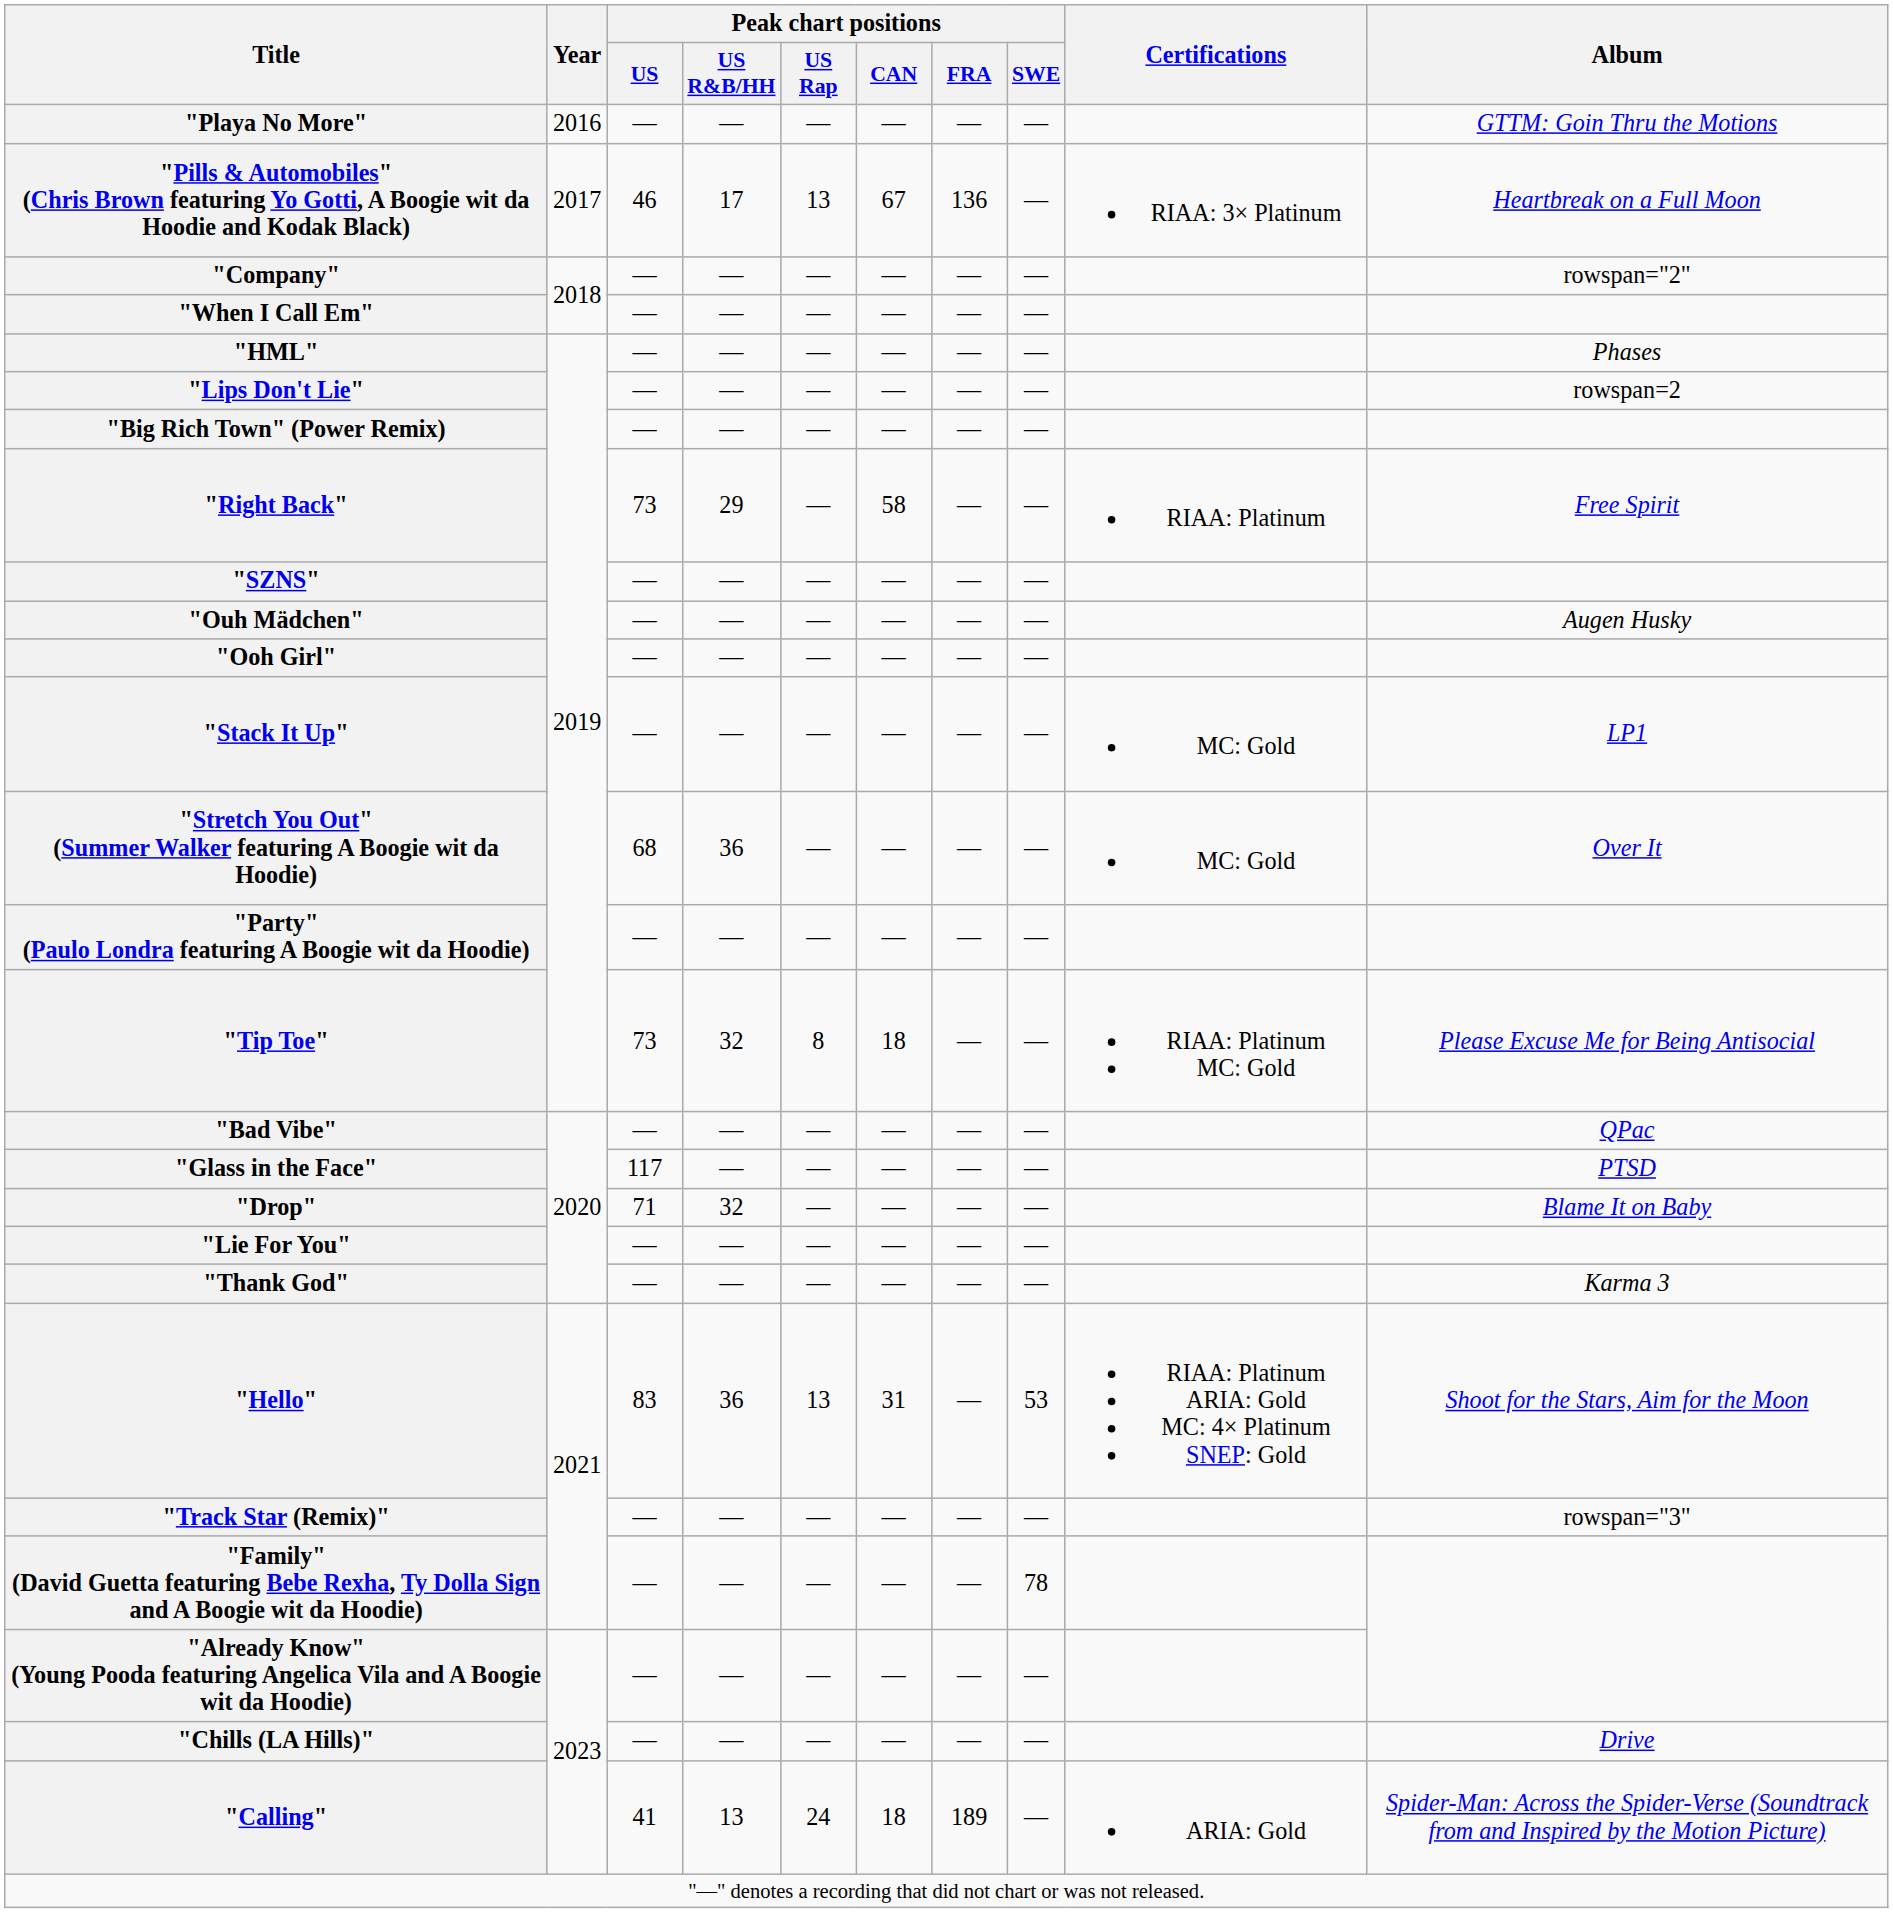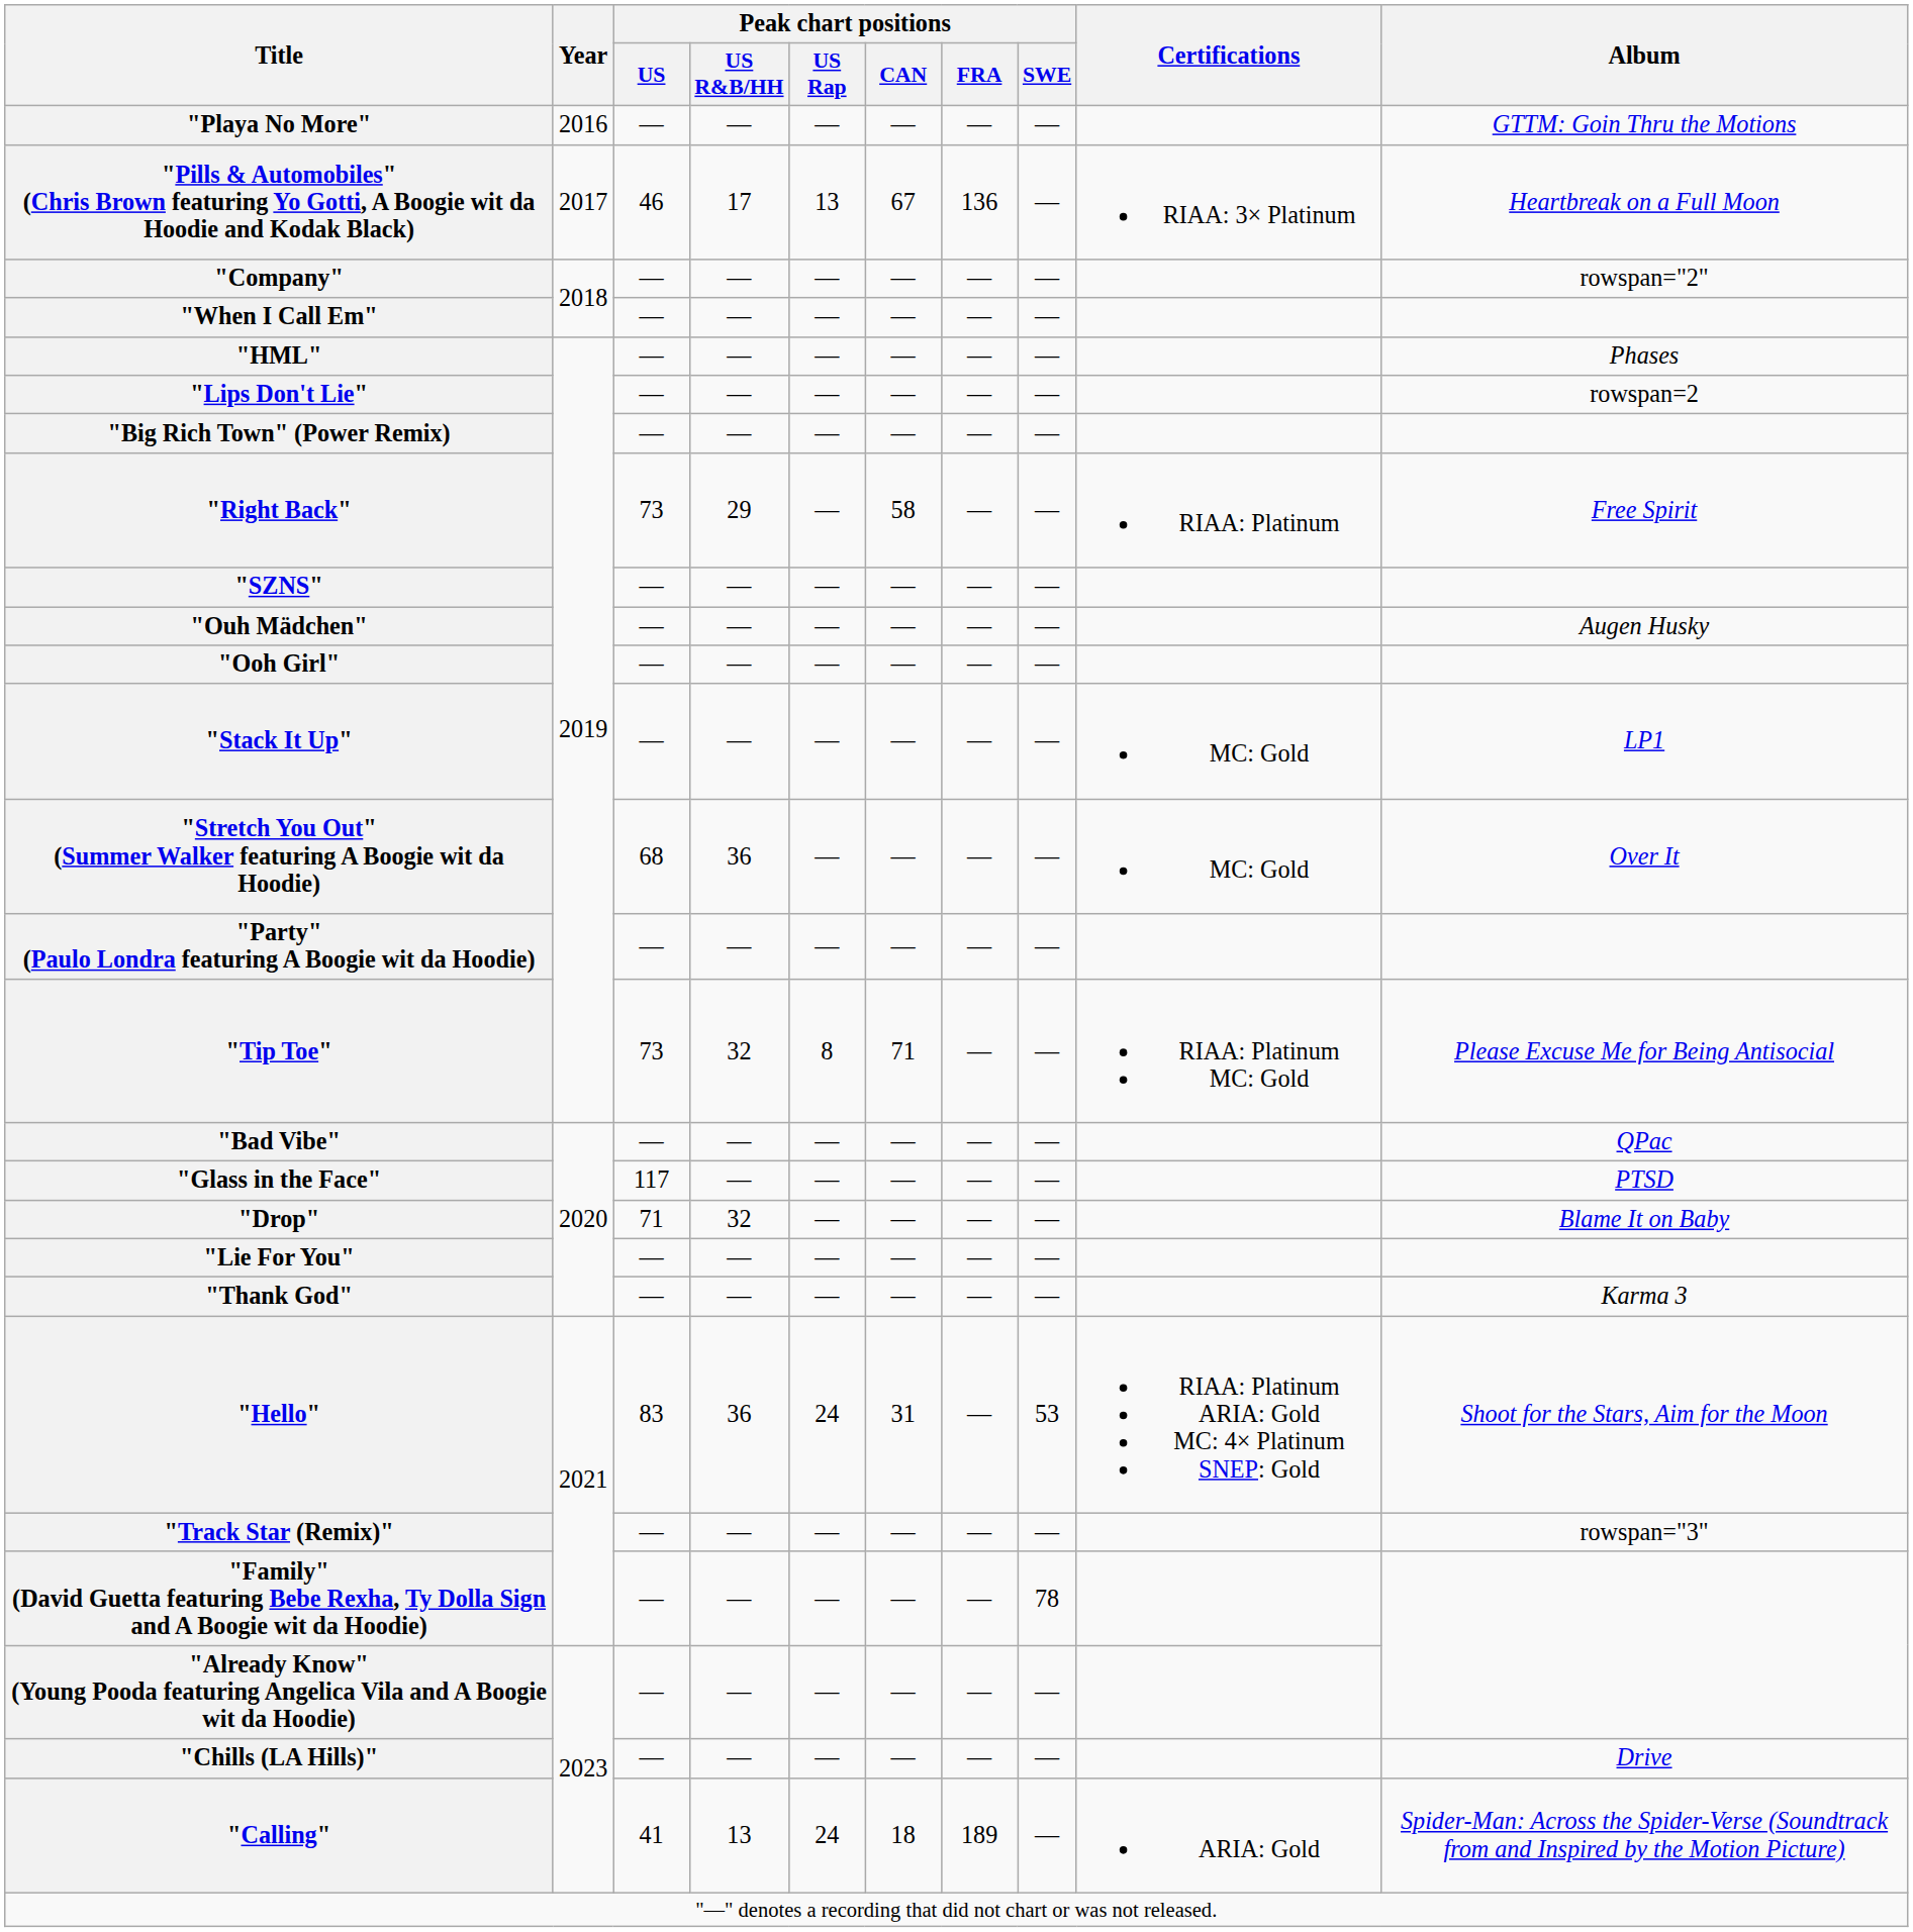 <table class="wikitable plainrowheaders" style="text-align:center;">
 <tr>
 <th scope="col" rowspan="2" style="width:22em;">Title</th>
 <th scope="col" rowspan="2">Year</th>
 <th colspan="6" scope="col">Peak chart positions</th>
 <th scope="col" rowspan="2" style="width:12em;"><a href='#'>Certifications</a></th>
 <th scope="col" rowspan="2">Album</th>
 </tr>
 <tr>
 <th scope="col" style="width:3em;font-size:90%;"><a href='#'>US</a><br></th>
 <th scope="col" style="width:3em;font-size:90%;"><a href='#'>US R&B/HH</a><br></th>
 <th scope="col" style="width:3em;font-size:90%;"><a href='#'>US Rap</a><br></th>
 <th scope="col" style="width:3em;font-size:90%;"><a href='#'>CAN</a><br></th>
 <th scope="col" style="width:3em;font-size:90%;"><a href='#'>FRA</a><br></th>
 <th scope="col" style="width:2em;font-size:90%"><a href='#'>SWE</a><br></th>
 </tr>
 <tr>
 <th scope="row">"Playa No More"<br></th>
 <td>2016</td>
 <td>—</td>
 <td>—</td>
 <td>—</td>
 <td>—</td>
 <td>—</td>
 <td>—</td>
 <td></td>
 <td><em><a href='#'>GTTM: Goin Thru the Motions</a></em></td>
 </tr>
 <tr>
 <th scope="row">"<a href='#'>Pills & Automobiles</a>"<br><span>(<a href='#'>Chris Brown</a> featuring <a href='#'>Yo Gotti</a>, A Boogie wit da Hoodie and Kodak Black)</span></th>
 <td>2017</td>
 <td>46</td>
 <td>17</td>
 <td>13</td>
 <td>67</td>
 <td>136</td>
 <td>—</td>
 <td><br><ul><li>RIAA: 3× Platinum</li></ul></td>
 <td><em><a href='#'>Heartbreak on a Full Moon</a></em></td>
 </tr>
 <tr>
 <th scope="row">"Company"<br></th>
 <td rowspan="2">2018</td>
 <td>—</td>
 <td>—</td>
 <td>—</td>
 <td>—</td>
 <td>—</td>
 <td>—</td>
 <td></td>
 <td>rowspan="2" </td>
 </tr>
 <tr>
 <th scope="row">"When I Call Em"<br></th>
 <td>—</td>
 <td>—</td>
 <td>—</td>
 <td>—</td>
 <td>—</td>
 <td>—</td>
 <td></td>
 </tr>
 <tr>
 <th scope="row">"HML"<br></th>
 <td rowspan="11">2019</td>
 <td>—</td>
 <td>—</td>
 <td>—</td>
 <td>—</td>
 <td>—</td>
 <td>—</td>
 <td></td>
 <td><em>Phases</em></td>
 </tr>
 <tr>
 <th scope="row">"<a href='#'>Lips Don't Lie</a>"<br></th>
 <td>—</td>
 <td>—</td>
 <td>—</td>
 <td>—</td>
 <td>—</td>
 <td>—</td>
 <td></td>
 <td>rowspan=2 </td>
 </tr>
 <tr>
 <th scope="row">"Big Rich Town" (Power Remix)<br></th>
 <td>—</td>
 <td>—</td>
 <td>—</td>
 <td>—</td>
 <td>—</td>
 <td>—</td>
 <td></td>
 </tr>
 <tr>
 <th scope="row">"<a href='#'>Right Back</a>"<br></th>
 <td>73</td>
 <td>29</td>
 <td>—</td>
 <td>58</td>
 <td>—</td>
 <td>—</td>
 <td><br><ul><li>RIAA: Platinum</li></ul></td>
 <td><em><a href='#'>Free Spirit</a></em></td>
 </tr>
 <tr>
 <th scope="row">"<a href='#'>SZNS</a>"<br></th>
 <td>—</td>
 <td>—</td>
 <td>—</td>
 <td>—</td>
 <td>—</td>
 <td>—</td>
 <td></td>
 <td></td>
 </tr>
 <tr>
 <th scope="row">"Ouh Mädchen"<br></th>
 <td>—</td>
 <td>—</td>
 <td>—</td>
 <td>—</td>
 <td>—</td>
 <td>—</td>
 <td></td>
 <td><em>Augen Husky</em></td>
 </tr>
 <tr>
 <th scope="row">"Ooh Girl" <br></th>
 <td>—</td>
 <td>—</td>
 <td>—</td>
 <td>—</td>
 <td>—</td>
 <td>—</td>
 <td></td>
 <td></td>
 </tr>
 <tr>
 <th scope="row">"<a href='#'>Stack It Up</a>"<br></th>
 <td>—</td>
 <td>—</td>
 <td>—</td>
 <td>—</td>
 <td>—</td>
 <td>—</td>
 <td><br><ul><li>MC: Gold</li></ul></td>
 <td><em><a href='#'>LP1</a></em></td>
 </tr>
 <tr>
 <th scope="row">"<a href='#'>Stretch You Out</a>"<br><span>(<a href='#'>Summer Walker</a> featuring A Boogie wit da Hoodie)</span></th>
 <td>68</td>
 <td>36</td>
 <td>—</td>
 <td>—</td>
 <td>—</td>
 <td>—</td>
 <td><br><ul><li>MC: Gold</li></ul></td>
 <td><em><a href='#'>Over It</a></em></td>
 </tr>
 <tr>
 <th scope="row">"Party"<br><span>(<a href='#'>Paulo Londra</a> featuring A Boogie wit da Hoodie)</span></th>
 <td>—</td>
 <td>—</td>
 <td>—</td>
 <td>—</td>
 <td>—</td>
 <td>—</td>
 <td></td>
 <td></td>
 </tr>
 <tr>
 <th scope="row">"<a href='#'>Tip Toe</a>"<br></th>
 <td>73</td>
 <td>32</td>
 <td>8</td>
-<td>18</td>
+<td>71</td>
 <td>—</td>
 <td>—</td>
 <td><br><ul><li>RIAA: Platinum</li><li>MC: Gold</li></ul></td>
 <td><em><a href='#'>Please Excuse Me for Being Antisocial</a></em></td>
 </tr>
 <tr>
 <th scope="row">"Bad Vibe"<br></th>
 <td rowspan="5">2020</td>
 <td>—</td>
 <td>—</td>
 <td>—</td>
 <td>—</td>
 <td>—</td>
 <td>—</td>
 <td></td>
 <td><em><a href='#'>QPac</a></em></td>
 </tr>
 <tr>
 <th scope="row">"Glass in the Face"<br></th>
 <td>117</td>
 <td>—</td>
 <td>—</td>
 <td>—</td>
 <td>—</td>
 <td>—</td>
 <td></td>
 <td><em><a href='#'>PTSD</a></em></td>
 </tr>
 <tr>
 <th scope="row">"Drop"<br></th>
 <td>71</td>
 <td>32</td>
 <td>—</td>
 <td>—</td>
 <td>—</td>
 <td>—</td>
 <td></td>
 <td><em><a href='#'>Blame It on Baby</a></em></td>
 </tr>
 <tr>
 <th scope="row">"Lie For You" <br></th>
 <td>—</td>
 <td>—</td>
 <td>—</td>
 <td>—</td>
 <td>—</td>
 <td>—</td>
 <td></td>
 <td></td>
 </tr>
 <tr>
 <th scope="row">"Thank God"<br></th>
 <td>—</td>
 <td>—</td>
 <td>—</td>
 <td>—</td>
 <td>—</td>
 <td>—</td>
 <td></td>
 <td><em>Karma 3</em></td>
 </tr>
 <tr>
 <th scope="row">"<a href='#'>Hello</a>"<br></th>
 <td rowspan="3">2021</td>
 <td>83</td>
 <td>36</td>
-<td>13</td>
+<td>24</td>
 <td>31</td>
 <td>—</td>
 <td>53</td>
 <td><br><ul><li>RIAA: Platinum</li><li>ARIA: Gold</li><li>MC: 4× Platinum</li><li><a href='#'>SNEP</a>: Gold</li></ul></td>
 <td><em><a href='#'>Shoot for the Stars, Aim for the Moon</a></em></td>
 </tr>
 <tr>
 <th scope="row">"<a href='#'>Track Star</a> (Remix)"<br></th>
 <td>—</td>
 <td>—</td>
 <td>—</td>
 <td>—</td>
 <td>—</td>
 <td>—</td>
 <td></td>
 <td>rowspan="3" </td>
 </tr>
 <tr>
 <th scope="row">"Family"<br><span>(David Guetta featuring <a href='#'>Bebe Rexha</a>, <a href='#'>Ty Dolla Sign</a> and A Boogie wit da Hoodie)</span></th>
 <td>—</td>
 <td>—</td>
 <td>—</td>
 <td>—</td>
 <td>—</td>
 <td>78</td>
 <td></td>
 </tr>
 <tr>
 <th scope="row">"Already Know"<br><span>(Young Pooda featuring Angelica Vila and A Boogie wit da Hoodie)</span></th>
 <td rowspan="3">2023</td>
 <td>—</td>
 <td>—</td>
 <td>—</td>
 <td>—</td>
 <td>—</td>
 <td>—</td>
 <td></td>
 </tr>
 <tr>
 <th scope="row">"Chills (LA Hills)"<br></th>
 <td>—</td>
 <td>—</td>
 <td>—</td>
 <td>—</td>
 <td>—</td>
 <td>—</td>
 <td></td>
 <td><em><a href='#'>Drive</a></em></td>
 </tr>
 <tr>
 <th scope="row">"<a href='#'>Calling</a>"<br></th>
 <td>41</td>
 <td>13</td>
 <td>24</td>
 <td>18</td>
 <td>189</td>
 <td>—</td>
 <td><br><ul><li>ARIA: Gold</li></ul></td>
 <td><em><a href='#'>Spider-Man: Across the Spider-Verse (Soundtrack from and Inspired by the Motion Picture)</a></em></td>
 </tr>
 <tr>
 <td colspan="10" style="font-size:85%">"—" denotes a recording that did not chart or was not released.</td>
 </tr>
 </table>
